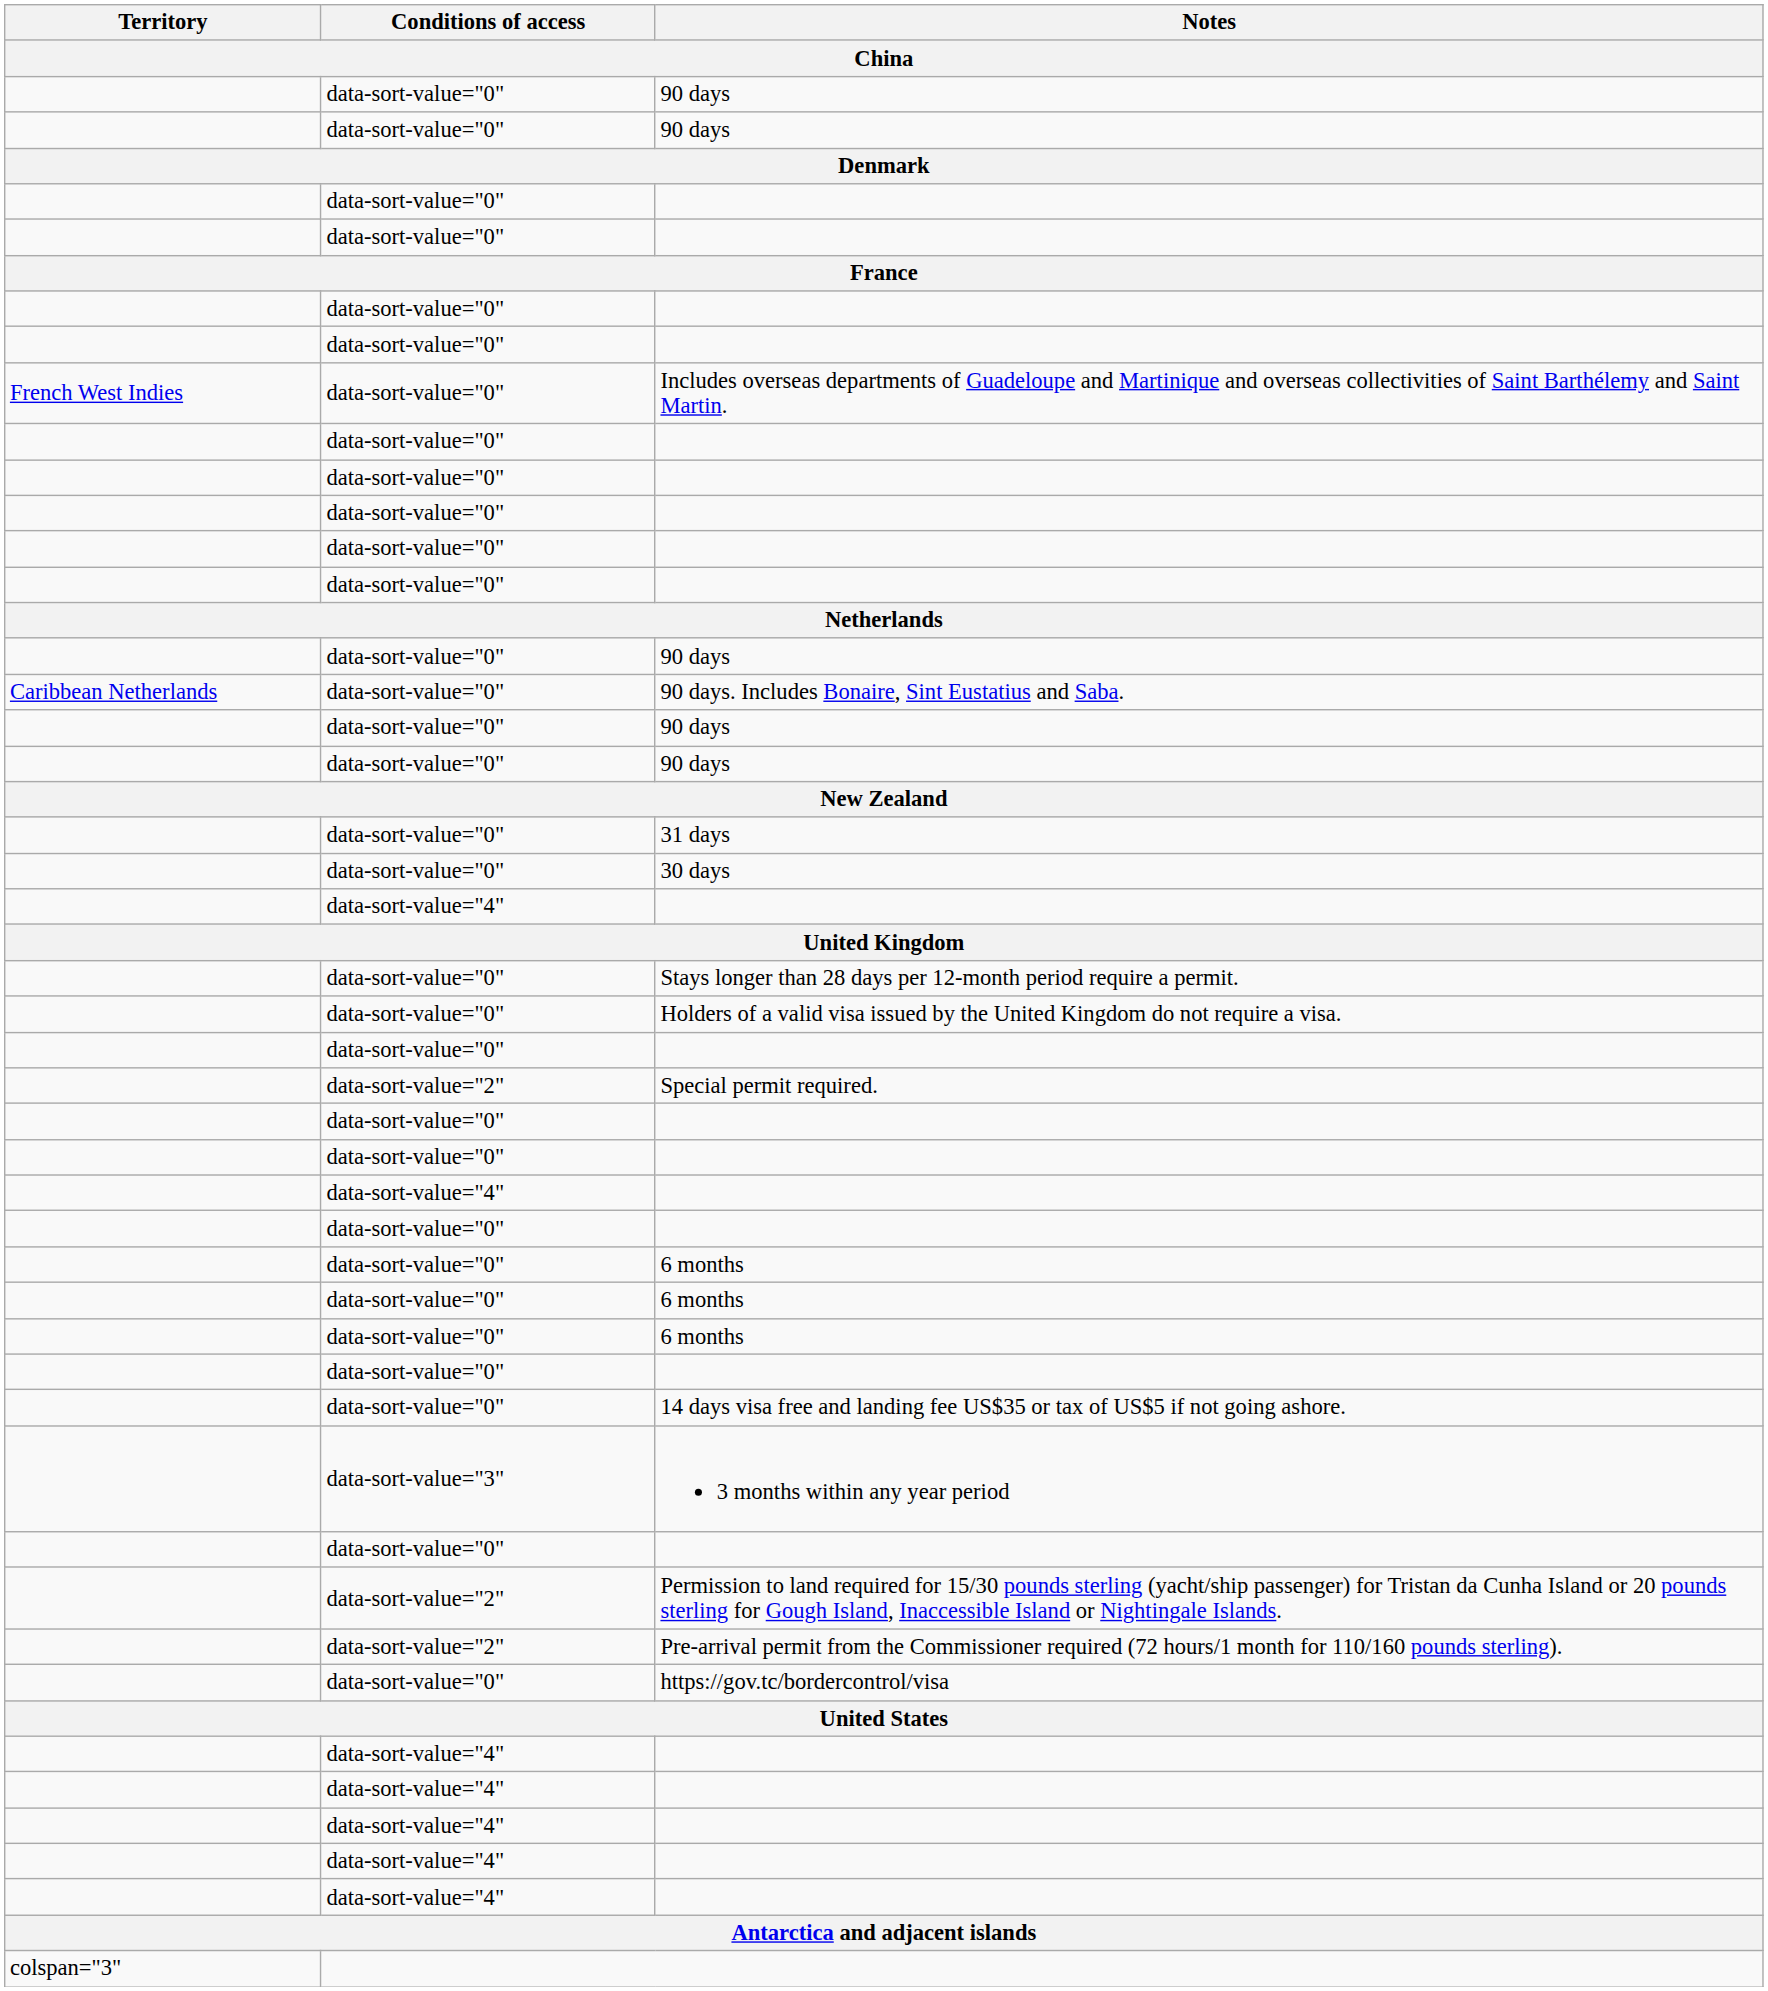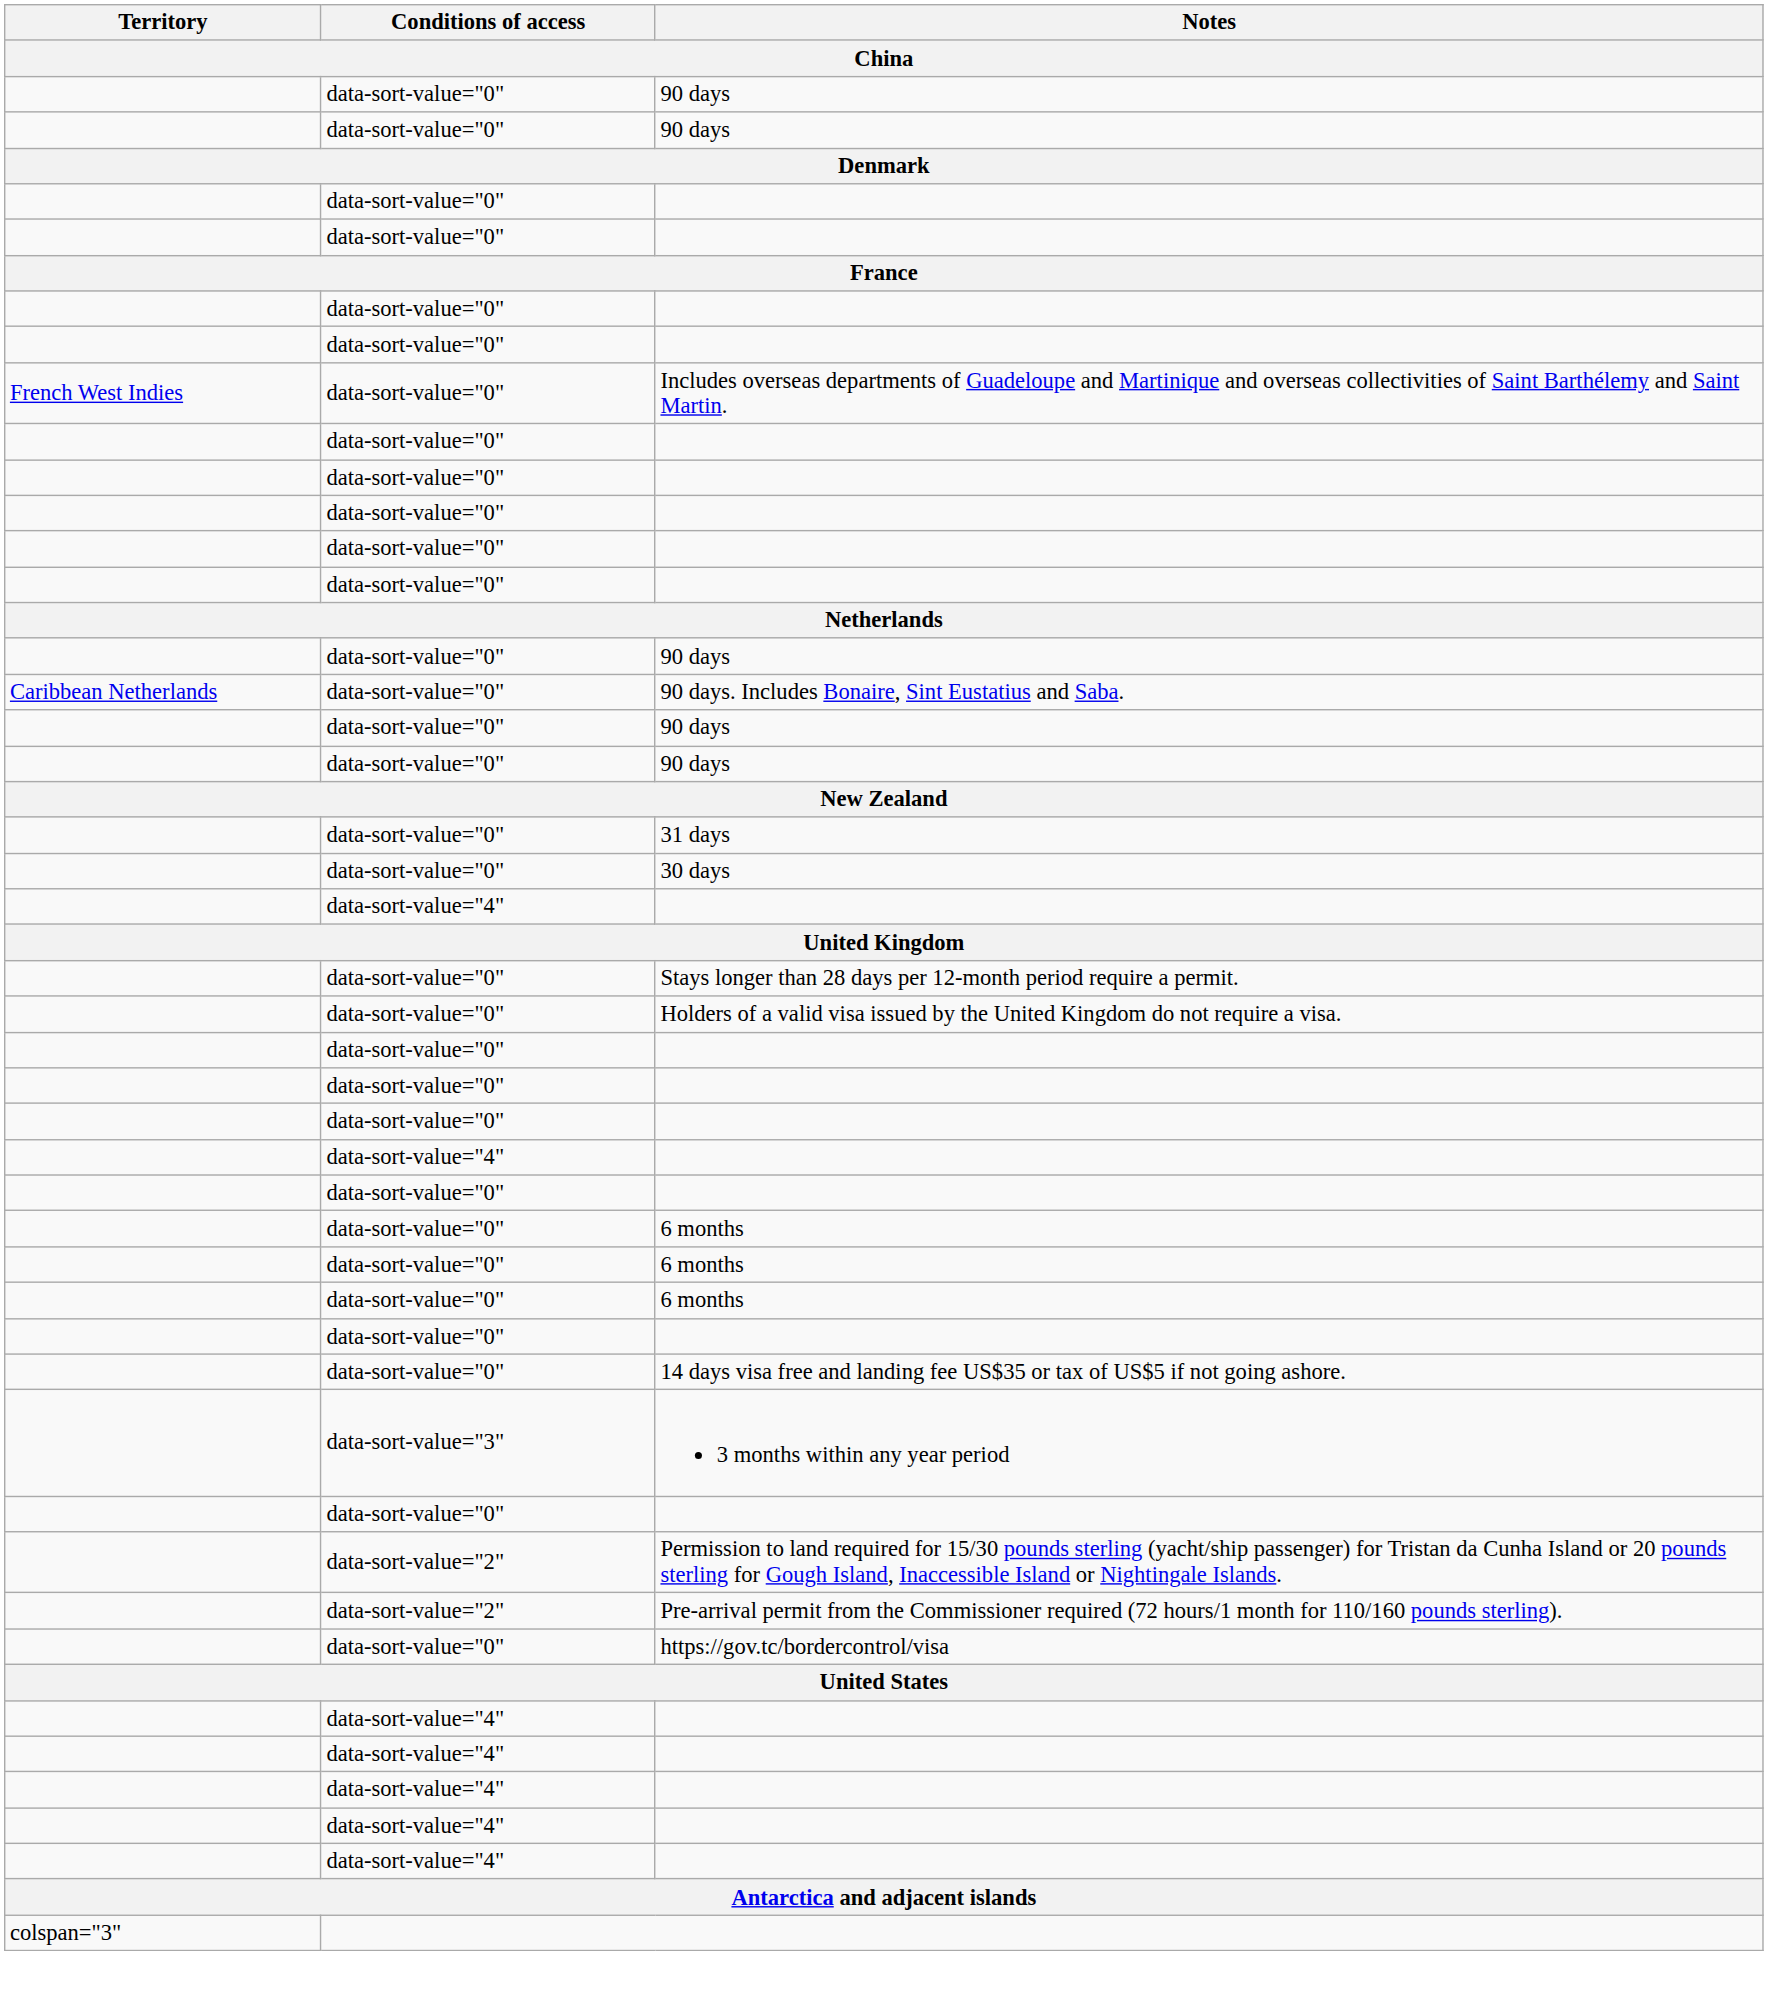 <table class="wikitable" style="text-align: left; table-layout: fixed;">
 <tr>
 <th style="width:18%;">Territory</th>
 <th style="width:19%;">Conditions of access</th>
 <th>Notes</th>
 </tr>
 <tr>
 <th colspan="3">China</th>
 </tr>
 <tr>
 <td></td>
 <td>data-sort-value="0" </td>
 <td>90 days</td>
 </tr>
 <tr>
 <td></td>
 <td>data-sort-value="0" </td>
 <td>90 days</td>
 </tr>
 <tr>
 <th colspan="3">Denmark</th>
 </tr>
 <tr>
 <td></td>
 <td>data-sort-value="0" </td>
 <td></td>
 </tr>
 <tr>
 <td></td>
 <td>data-sort-value="0" </td>
 <td></td>
 </tr>
 <tr>
 <th colspan="3">France</th>
 </tr>
 <tr>
 <td></td>
 <td>data-sort-value="0" </td>
 <td></td>
 </tr>
 <tr>
 <td></td>
 <td>data-sort-value="0" </td>
 <td></td>
 </tr>
 <tr>
 <td> <a href='#'>French West Indies</a></td>
 <td>data-sort-value="0" </td>
 <td>Includes overseas departments of <a href='#'>Guadeloupe</a> and <a href='#'>Martinique</a> and overseas collectivities of <a href='#'>Saint Barthélemy</a> and <a href='#'>Saint Martin</a>.</td>
 </tr>
 <tr>
 <td></td>
 <td>data-sort-value="0" </td>
 <td></td>
 </tr>
 <tr>
 <td></td>
 <td>data-sort-value="0" </td>
 <td></td>
 </tr>
 <tr>
 <td></td>
 <td>data-sort-value="0" </td>
 <td></td>
 </tr>
 <tr>
 <td></td>
 <td>data-sort-value="0" </td>
 <td></td>
 </tr>
 <tr>
 <td></td>
 <td>data-sort-value="0" </td>
 <td></td>
 </tr>
 <tr>
 <th colspan="3">Netherlands</th>
 </tr>
 <tr>
 <td></td>
 <td>data-sort-value="0" </td>
 <td>90 days</td>
 </tr>
 <tr>
 <td> <a href='#'>Caribbean Netherlands</a></td>
 <td>data-sort-value="0" </td>
 <td>90 days. Includes <a href='#'>Bonaire</a>, <a href='#'>Sint Eustatius</a> and <a href='#'>Saba</a>.</td>
 </tr>
 <tr>
 <td></td>
 <td>data-sort-value="0" </td>
 <td>90 days</td>
 </tr>
 <tr>
 <td></td>
 <td>data-sort-value="0" </td>
 <td>90 days</td>
 </tr>
 <tr>
 <th colspan="3">New Zealand</th>
 </tr>
 <tr>
 <td></td>
 <td>data-sort-value="0" </td>
 <td>31 days</td>
 </tr>
 <tr>
 <td></td>
 <td>data-sort-value="0" </td>
 <td>30 days</td>
 </tr>
 <tr>
 <td></td>
 <td>data-sort-value="4" </td>
 <td></td>
 </tr>
 <tr>
 <th colspan="3">United Kingdom</th>
 </tr>
 <tr>
 <td></td>
 <td>data-sort-value="0" </td>
 <td>Stays longer than 28 days per 12-month period require a permit.</td>
 </tr>
 <tr>
 <td></td>
 <td>data-sort-value="0" </td>
 <td>Holders of a valid visa issued by the United Kingdom do not require a visa.</td>
 </tr>
 <tr>
 <td></td>
 <td>data-sort-value="0" </td>
 <td></td>
 </tr>
 <tr>
 <td></td>
-<td>data-sort-value="2" </td>
-<td>Special permit required.</td>
-</tr>
-<tr>
-<td></td>
 <td>data-sort-value="0" </td>
 <td></td>
 </tr>
 <tr>
 <td></td>
 <td>data-sort-value="0" </td>
 <td></td>
 </tr>
 <tr>
 <td></td>
 <td>data-sort-value="4" </td>
 <td></td>
 </tr>
 <tr>
 <td></td>
 <td>data-sort-value="0" </td>
 <td></td>
 </tr>
 <tr>
 <td></td>
 <td>data-sort-value="0" </td>
 <td>6 months</td>
 </tr>
 <tr>
 <td></td>
 <td>data-sort-value="0" </td>
 <td>6 months</td>
 </tr>
 <tr>
 <td></td>
 <td>data-sort-value="0" </td>
 <td>6 months</td>
 </tr>
 <tr>
 <td></td>
 <td>data-sort-value="0" </td>
 <td></td>
 </tr>
 <tr>
 <td></td>
 <td>data-sort-value="0" </td>
 <td>14 days visa free and landing fee US$35 or tax of US$5 if not going ashore.</td>
 </tr>
 <tr>
 <td></td>
 <td>data-sort-value="3" </td>
 <td><br><ul><li>3 months within any year period</li></ul></td>
 </tr>
 <tr>
 <td></td>
 <td>data-sort-value="0" </td>
 <td></td>
 </tr>
 <tr>
 <td></td>
 <td>data-sort-value="2" </td>
 <td>Permission to land required for 15/30 <a href='#'>pounds sterling</a> (yacht/ship passenger) for Tristan da Cunha Island or 20 <a href='#'>pounds sterling</a> for <a href='#'>Gough Island</a>, <a href='#'>Inaccessible Island</a> or <a href='#'>Nightingale Islands</a>.</td>
 </tr>
 <tr>
 <td></td>
 <td>data-sort-value="2" </td>
 <td>Pre-arrival permit from the Commissioner required (72 hours/1 month for 110/160 <a href='#'>pounds sterling</a>).</td>
 </tr>
 <tr>
 <td></td>
 <td>data-sort-value="0" </td>
 <td>https://gov.tc/bordercontrol/visa</td>
 </tr>
 <tr>
 <th colspan="3">United States</th>
 </tr>
 <tr>
 <td></td>
 <td>data-sort-value="4" </td>
 <td></td>
 </tr>
 <tr>
 <td></td>
 <td>data-sort-value="4" </td>
 <td></td>
 </tr>
 <tr>
 <td></td>
 <td>data-sort-value="4" </td>
 <td></td>
 </tr>
 <tr>
 <td></td>
 <td>data-sort-value="4" </td>
 <td></td>
 </tr>
 <tr>
 <td></td>
 <td>data-sort-value="4" </td>
 <td></td>
 </tr>
 <tr>
 <th colspan="3"><a href='#'>Antarctica</a> and adjacent islands</th>
 </tr>
 <tr>
 <td>colspan="3" </td>
 </tr>
 </table>
